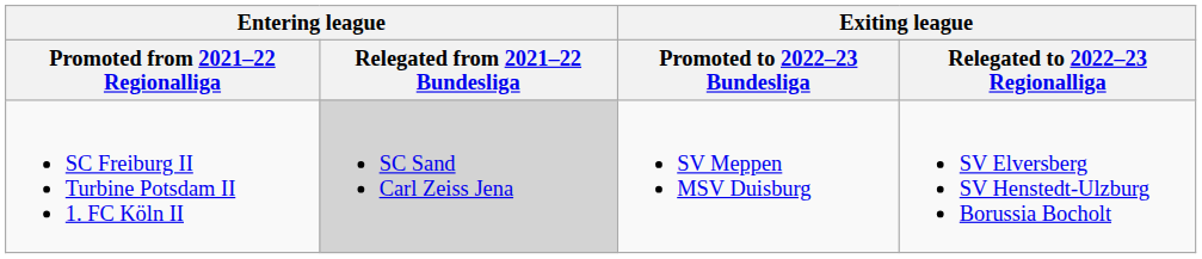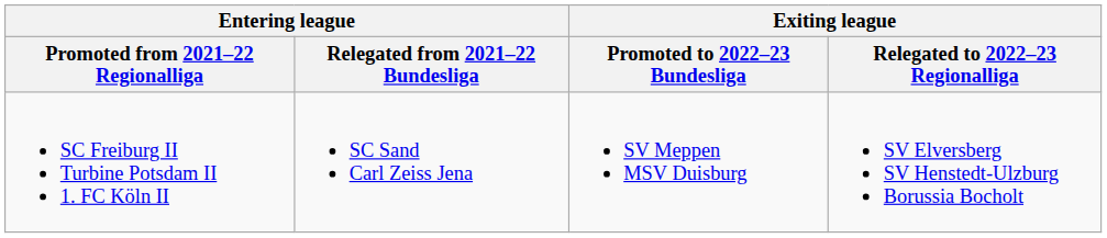 <table class="wikitable">
 <tr>
 <th colspan="2">Entering league</th>
 <th colspan="3">Exiting league</th>
 </tr>
 <tr>
 <th>Promoted from <a href='#'>2021–22 Regionalliga</a></th>
 <th>Relegated from <a href='#'>2021–22 Bundesliga</a></th>
 <th>Promoted to <a href='#'>2022–23 Bundesliga</a></th>
 <th colspan=2>Relegated to <a href='#'>2022–23 Regionalliga</a></th>
 </tr>
 <tr style="vertical-align:top;">
 <td><br><ul><li><a href='#'>SC Freiburg II</a></li><li><a href='#'>Turbine Potsdam II</a></li><li><a href='#'>1. FC Köln II</a></li></ul></td>
-<td style="background: lightgrey;"><br><ul><li><a href='#'>SC Sand</a></li><li><a href='#'>Carl Zeiss Jena</a></li></ul></td>
+<td><br><ul><li><a href='#'>SC Sand</a></li><li><a href='#'>Carl Zeiss Jena</a></li></ul></td>
 <td><br><ul><li><a href='#'>SV Meppen</a></li><li><a href='#'>MSV Duisburg</a></li></ul></td>
 <td><br><ul><li><a href='#'>SV Elversberg</a></li><li><a href='#'>SV Henstedt-Ulzburg</a></li><li><a href='#'>Borussia Bocholt</a></li></ul></td>
 </tr>
 </table>
